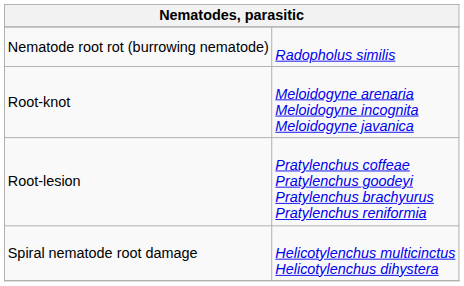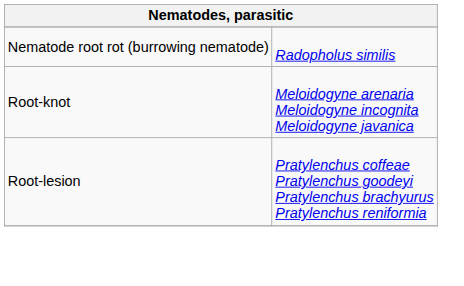 <table class="wikitable" style="clear">
 <tr>
 <th colspan=2><strong>Nematodes, parasitic</strong><br></th>
 </tr>
 <tr>
 </tr>
 <tr>
 <td>Nematode root rot (burrowing nematode)</td>
 <td><br><em><a href='#'>Radopholus similis</a></em></td>
 </tr>
 <tr>
 <td>Root-knot</td>
 <td><br><em><a href='#'>Meloidogyne arenaria</a></em><br> <em><a href='#'>Meloidogyne incognita</a></em><br> <em><a href='#'>Meloidogyne javanica</a></em></td>
 </tr>
 <tr>
 <td>Root-lesion</td>
 <td><br><em><a href='#'>Pratylenchus coffeae</a></em><br> <em><a href='#'>Pratylenchus goodeyi</a></em><br> <em><a href='#'>Pratylenchus brachyurus</a></em><br> <em><a href='#'>Pratylenchus reniformia</a></em></td>
 </tr>
 <tr>
-<td>Spiral nematode root damage</td>
-<td><br><em><a href='#'>Helicotylenchus multicinctus</a></em><br> <em><a href='#'>Helicotylenchus dihystera</a></em></td>
-</tr>
-<tr>
 </tr>
 </table>
